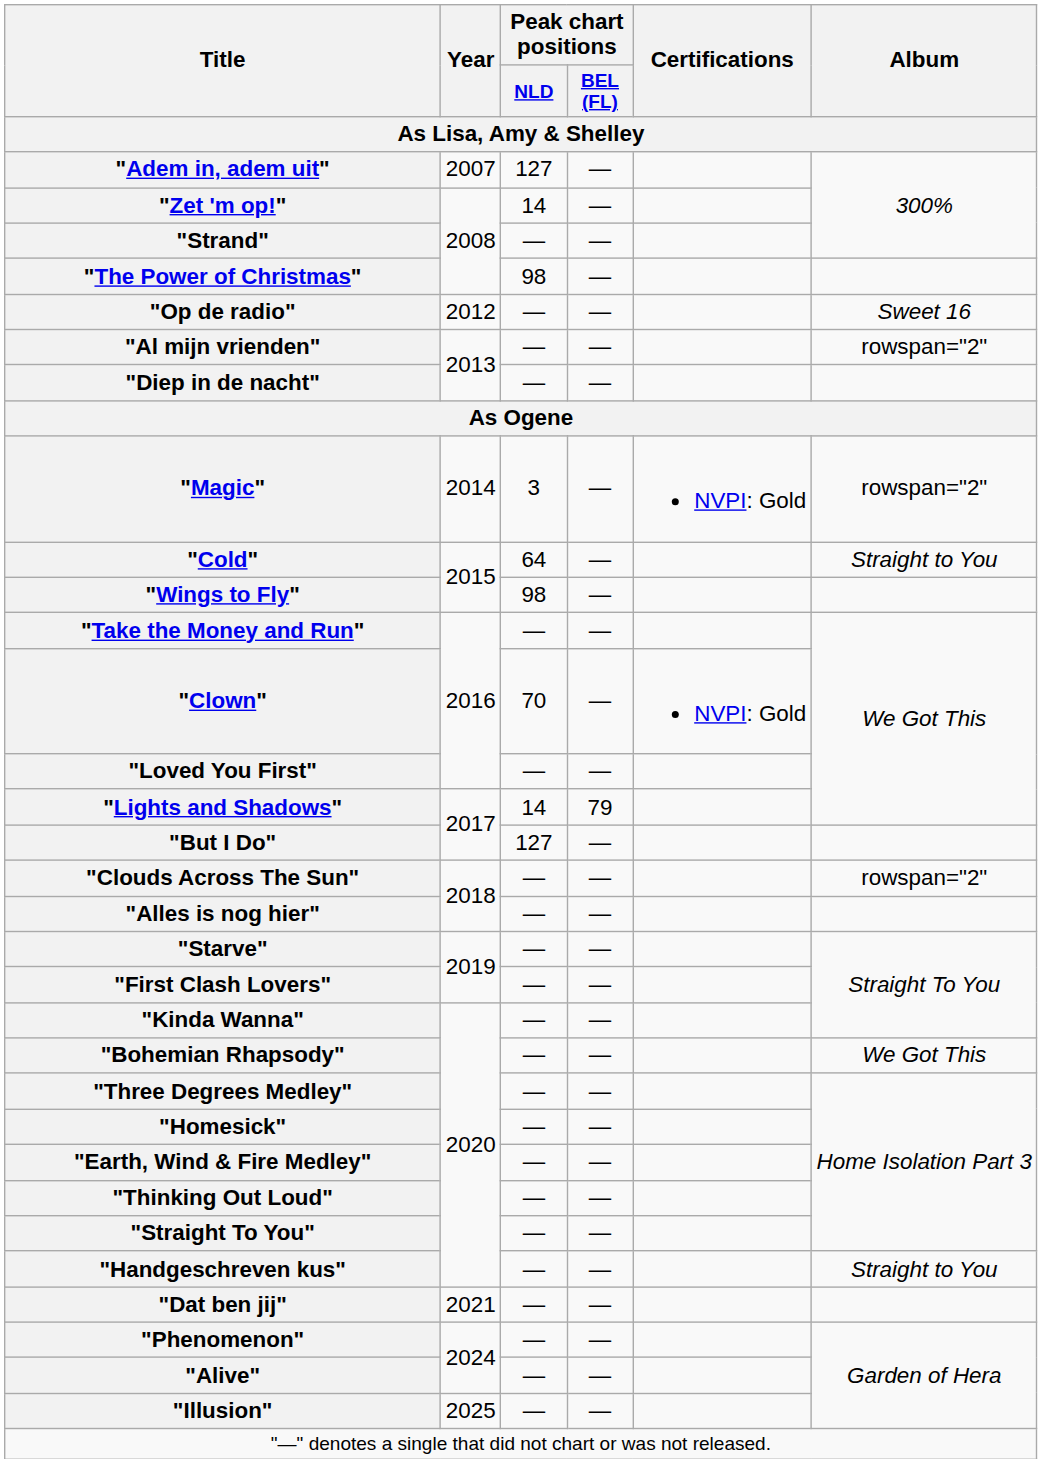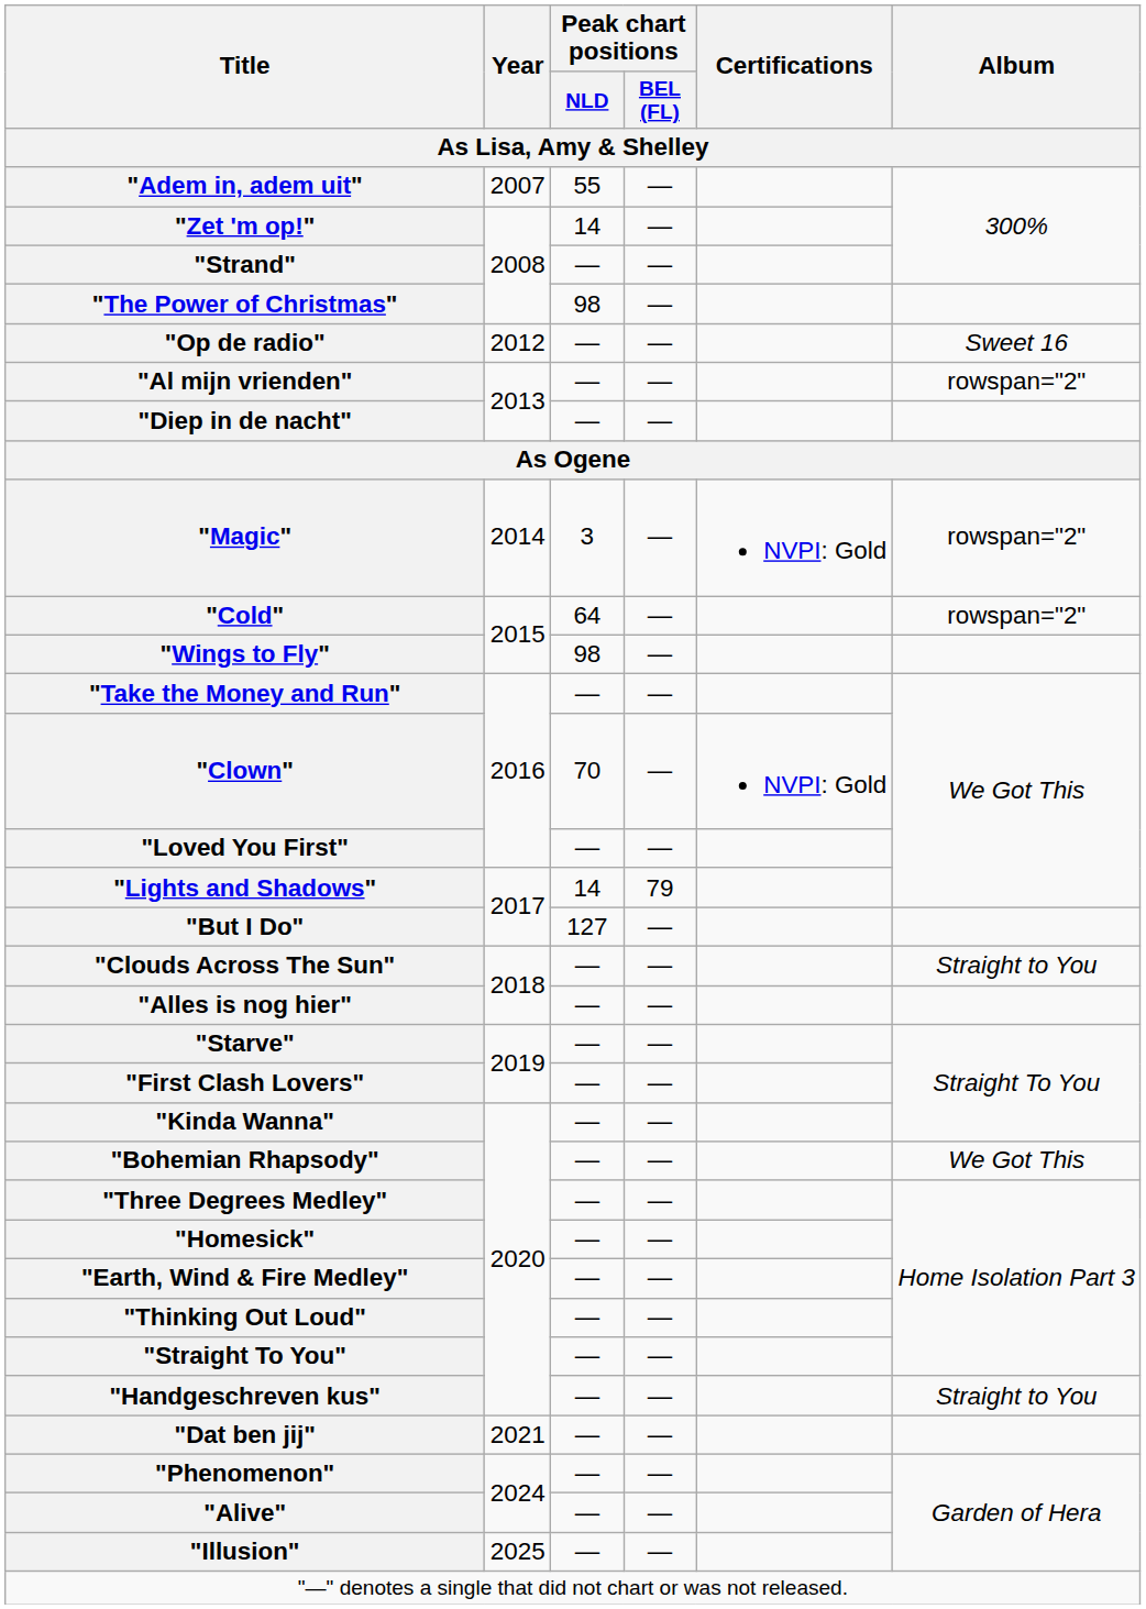 <table class="wikitable plainrowheaders" style="text-align:center;">
 <tr>
 <th scope="col" rowspan="2" style="width:19em;">Title</th>
 <th scope="col" rowspan="2" style="width:1em;">Year</th>
 <th scope="col" colspan="2">Peak chart positions</th>
 <th scope="col" rowspan="2">Certifications</th>
 <th scope="col" rowspan="2">Album</th>
 </tr>
 <tr>
 <th scope="col" style="width:3em;font-size:85%;"><a href='#'>NLD</a><br></th>
 <th scope="col" style="width:3em;font-size:85%;"><a href='#'>BEL<br>(FL)</a><br></th>
 </tr>
 <tr>
 <th scope="col" colspan="6">As Lisa, Amy & Shelley</th>
 </tr>
 <tr>
 <th scope="row">"<a href='#'>Adem in, adem uit</a>"</th>
 <td>2007</td>
-<td>127</td>
+<td>55</td>
 <td>—</td>
 <td></td>
 <td rowspan="3"><em>300%</em></td>
 </tr>
 <tr>
 <th scope="row">"<a href='#'>Zet 'm op!</a>"</th>
 <td rowspan="3">2008</td>
 <td>14</td>
 <td>—</td>
 <td></td>
 </tr>
 <tr>
 <th scope="row">"Strand"</th>
 <td>—</td>
 <td>—</td>
 <td></td>
 </tr>
 <tr>
 <th scope="row">"<a href='#'>The Power of Christmas</a>"</th>
 <td>98</td>
 <td>—</td>
 <td></td>
 <td></td>
 </tr>
 <tr>
 <th scope="row">"Op de radio"</th>
 <td>2012</td>
 <td>—</td>
 <td>—</td>
 <td></td>
 <td><em>Sweet 16</em></td>
 </tr>
 <tr>
 <th scope="row">"Al mijn vrienden"</th>
 <td rowspan="2">2013</td>
 <td>—</td>
 <td>—</td>
 <td></td>
 <td>rowspan="2" </td>
 </tr>
 <tr>
 <th scope="row">"Diep in de nacht"</th>
 <td>—</td>
 <td>—</td>
 <td></td>
 </tr>
 <tr>
 <th scope="col" colspan="6">As Ogene</th>
 </tr>
 <tr>
 <th scope="row">"<a href='#'>Magic</a>"</th>
 <td>2014</td>
 <td>3</td>
 <td>—</td>
 <td><br><ul><li><a href='#'>NVPI</a>: Gold</li></ul></td>
 <td>rowspan="2" </td>
 </tr>
 <tr>
 <th scope="row">"<a href='#'>Cold</a>"</th>
 <td rowspan="2">2015</td>
 <td>64</td>
 <td>—</td>
 <td></td>
-<td><em>Straight to You</em></td>
+<td>rowspan="2" </td>
 </tr>
 <tr>
 <th scope="row">"<a href='#'>Wings to Fly</a>"</th>
 <td>98</td>
 <td>—</td>
 <td></td>
 </tr>
 <tr>
 <th scope="row">"<a href='#'>Take the Money and Run</a>"</th>
 <td rowspan="3">2016</td>
 <td>—</td>
 <td>—</td>
 <td></td>
 <td rowspan="4"><em>We Got This</em></td>
 </tr>
 <tr>
 <th scope="row">"<a href='#'>Clown</a>"</th>
 <td>70</td>
 <td>—</td>
 <td><br><ul><li><a href='#'>NVPI</a>: Gold</li></ul></td>
 </tr>
 <tr>
 <th scope="row">"Loved You First"</th>
 <td>—</td>
 <td>—</td>
 <td></td>
 </tr>
 <tr>
 <th scope="row">"<a href='#'>Lights and Shadows</a>"</th>
 <td rowspan="2">2017</td>
 <td>14</td>
 <td>79</td>
 <td></td>
 </tr>
 <tr>
 <th scope="row">"But I Do"</th>
 <td>127</td>
 <td>—</td>
 <td></td>
 <td></td>
 </tr>
 <tr>
 <th scope="row">"Clouds Across The Sun"</th>
 <td rowspan="2">2018</td>
 <td>—</td>
 <td>—</td>
 <td></td>
-<td>rowspan="2" </td>
+<td><em>Straight to You</em></td>
 </tr>
 <tr>
 <th scope="row">"Alles is nog hier"</th>
 <td>—</td>
 <td>—</td>
 <td></td>
 <td></td>
 </tr>
 <tr>
 <th scope="row">"Starve"</th>
 <td rowspan="2">2019</td>
 <td>—</td>
 <td>—</td>
 <td></td>
 <td rowspan="3"><em>Straight To You</em></td>
 </tr>
 <tr>
 <th scope="row">"First Clash Lovers"</th>
 <td>—</td>
 <td>—</td>
 <td></td>
 </tr>
 <tr>
 <th scope="row">"Kinda Wanna"</th>
 <td rowspan="8">2020</td>
 <td>—</td>
 <td>—</td>
 <td></td>
 </tr>
 <tr>
 <th scope="row">"Bohemian Rhapsody"</th>
 <td>—</td>
 <td>—</td>
 <td></td>
 <td><em>We Got This</em></td>
 </tr>
 <tr>
 <th scope="row">"Three Degrees Medley"</th>
 <td>—</td>
 <td>—</td>
 <td></td>
 <td rowspan="5"><em>Home Isolation Part 3</em></td>
 </tr>
 <tr>
 <th scope="row">"Homesick"</th>
 <td>—</td>
 <td>—</td>
 <td></td>
 </tr>
 <tr>
 <th scope="row">"Earth, Wind & Fire Medley"</th>
 <td>—</td>
 <td>—</td>
 <td></td>
 </tr>
 <tr>
 <th scope="row">"Thinking Out Loud"</th>
 <td>—</td>
 <td>—</td>
 <td></td>
 </tr>
 <tr>
 <th scope="row">"Straight To You"</th>
 <td>—</td>
 <td>—</td>
 <td></td>
 </tr>
 <tr>
 <th scope="row">"Handgeschreven kus"</th>
 <td>—</td>
 <td>—</td>
 <td></td>
 <td><em>Straight to You</em></td>
 </tr>
 <tr>
 <th scope="row">"Dat ben jij"</th>
 <td>2021</td>
 <td>—</td>
 <td>—</td>
 <td></td>
 </tr>
 <tr>
 <th scope="row">"Phenomenon"</th>
 <td rowspan="2">2024</td>
 <td>—</td>
 <td>—</td>
 <td></td>
 <td rowspan="3"><em>Garden of Hera</em></td>
 </tr>
 <tr>
 <th scope="row">"Alive"</th>
 <td>—</td>
 <td>—</td>
 <td></td>
 </tr>
 <tr>
 <th scope="row">"Illusion"</th>
 <td>2025</td>
 <td>—</td>
 <td>—</td>
 <td></td>
 </tr>
 <tr>
 <td colspan="20" style="text-align:center; font-size:85%;">"—" denotes a single that did not chart or was not released.</td>
 </tr>
 </table>
